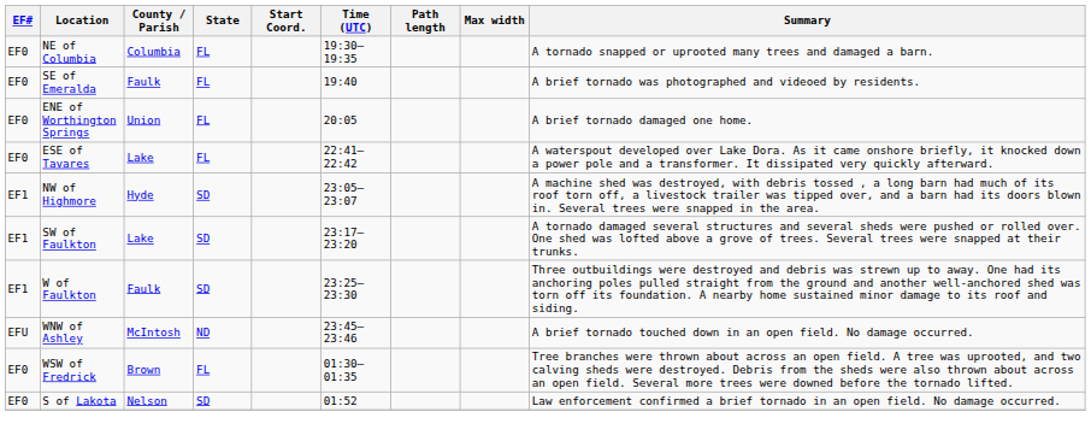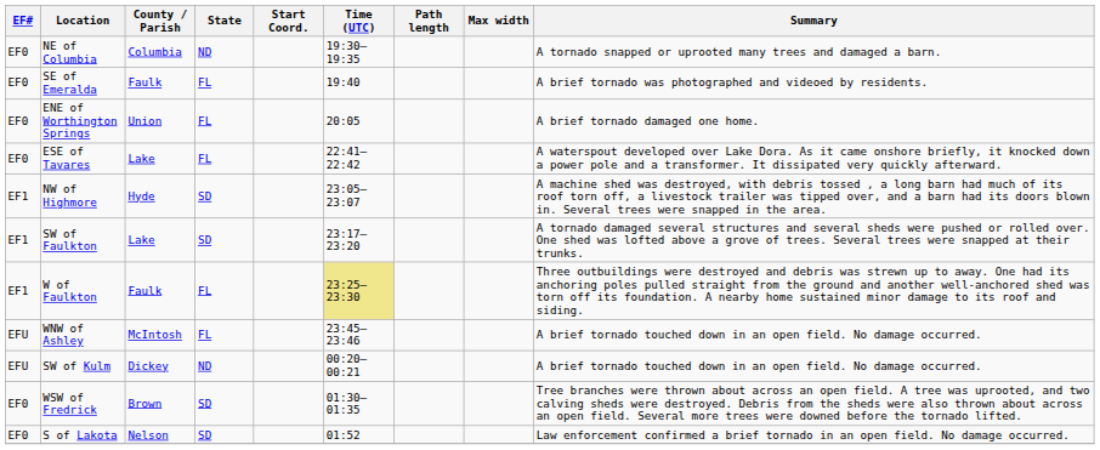 <table class="wikitable sortable" style="width:100%;">
 <tr>
 <th scope="col"  style="width:3%; text-align:center;"><a href='#'>EF#</a></th>
 <th scope="col"  style="width:7%; text-align:center;" class="unsortable">Location</th>
 <th scope="col"  style="width:6%; text-align:center;" class="unsortable">County / Parish</th>
 <th scope="col"  style="width:5%; text-align:center;">State</th>
 <th scope="col"  style="width:6%; text-align:center;">Start Coord.</th>
 <th scope="col"  style="width:6%; text-align:center;">Time (<a href='#'>UTC</a>)</th>
 <th scope="col"  style="width:6%; text-align:center;">Path length</th>
 <th scope="col"  style="width:6%; text-align:center;">Max width</th>
 <th scope="col" class="unsortable" style="width:48%; text-align:center;">Summary</th>
 </tr>
 <tr>
 <td>EF0</td>
 <td>NE of <a href='#'>Columbia</a></td>
 <td><a href='#'>Columbia</a></td>
-<td><a href='#'>FL</a></td>
+<td><a href='#'>ND</a></td>
 <td></td>
 <td>19:30–19:35</td>
 <td></td>
 <td></td>
 <td>A tornado snapped or uprooted many trees and damaged a barn.</td>
 </tr>
 <tr>
 <td>EF0</td>
 <td>SE of <a href='#'>Emeralda</a></td>
 <td><a href='#'>Faulk</a></td>
 <td><a href='#'>FL</a></td>
 <td></td>
 <td>19:40</td>
 <td></td>
 <td></td>
 <td>A brief tornado was photographed and videoed by residents.</td>
 </tr>
 <tr>
 <td>EF0</td>
 <td>ENE of <a href='#'>Worthington Springs</a></td>
 <td><a href='#'>Union</a></td>
 <td><a href='#'>FL</a></td>
 <td></td>
 <td>20:05</td>
 <td></td>
 <td></td>
 <td>A brief tornado damaged one home.</td>
 </tr>
 <tr>
 <td>EF0</td>
 <td>ESE of <a href='#'>Tavares</a></td>
 <td><a href='#'>Lake</a></td>
 <td><a href='#'>FL</a></td>
 <td></td>
 <td>22:41–22:42</td>
 <td></td>
 <td></td>
 <td>A waterspout developed over Lake Dora. As it came onshore briefly, it knocked down a power pole and a transformer. It dissipated very quickly afterward.</td>
 </tr>
 <tr>
 <td>EF1</td>
 <td>NW of <a href='#'>Highmore</a></td>
 <td><a href='#'>Hyde</a></td>
 <td><a href='#'>SD</a></td>
 <td></td>
 <td>23:05–23:07</td>
 <td></td>
 <td></td>
 <td>A machine shed was destroyed, with debris tossed , a long barn had much of its roof torn off, a livestock trailer was tipped over, and a barn had its doors blown in. Several trees were snapped in the area.</td>
 </tr>
 <tr>
 <td>EF1</td>
 <td>SW of <a href='#'>Faulkton</a></td>
 <td><a href='#'>Lake</a></td>
 <td><a href='#'>SD</a></td>
 <td></td>
 <td>23:17–23:20</td>
 <td></td>
 <td></td>
 <td>A tornado damaged several structures and several sheds were pushed or rolled over. One shed was lofted above a grove of trees. Several trees were snapped at their trunks.</td>
 </tr>
 <tr>
 <td>EF1</td>
 <td>W of <a href='#'>Faulkton</a></td>
 <td><a href='#'>Faulk</a></td>
-<td><a href='#'>SD</a></td>
+<td><a href='#'>FL</a></td>
 <td></td>
-<td>23:25–23:30</td>
+<td style="background: khaki;">23:25–23:30</td>
 <td></td>
 <td></td>
 <td>Three outbuildings were destroyed and debris was strewn up to  away. One had its anchoring poles pulled straight from the ground and another well-anchored shed was torn off its foundation. A nearby home sustained minor damage to its roof and siding.</td>
 </tr>
 <tr>
 <td>EFU</td>
 <td>WNW of <a href='#'>Ashley</a></td>
 <td><a href='#'>McIntosh</a></td>
+<td><a href='#'>FL</a></td>
+<td></td>
+<td>23:45–23:46</td>
+<td></td>
+<td></td>
+<td>A brief tornado touched down in an open field. No damage occurred.</td>
+</tr>
+<tr>
+<td>EFU</td>
+<td>SW of <a href='#'>Kulm</a></td>
+<td><a href='#'>Dickey</a></td>
 <td><a href='#'>ND</a></td>
 <td></td>
-<td>23:45–23:46</td>
+<td>00:20–00:21</td>
 <td></td>
 <td></td>
 <td>A brief tornado touched down in an open field. No damage occurred.</td>
 </tr>
 <tr>
 <td>EF0</td>
 <td>WSW of <a href='#'>Fredrick</a></td>
 <td><a href='#'>Brown</a></td>
-<td><a href='#'>FL</a></td>
+<td><a href='#'>SD</a></td>
 <td></td>
 <td>01:30–01:35</td>
 <td></td>
 <td></td>
 <td>Tree branches were thrown about  across an open field. A tree was uprooted, and two calving sheds were destroyed. Debris from the sheds were also thrown about  across an open field. Several more trees were downed before the tornado lifted.</td>
 </tr>
 <tr>
 <td>EF0</td>
 <td>S of <a href='#'>Lakota</a></td>
 <td><a href='#'>Nelson</a></td>
 <td><a href='#'>SD</a></td>
 <td></td>
 <td>01:52</td>
 <td></td>
 <td></td>
 <td>Law enforcement confirmed a brief tornado in an open field. No damage occurred.</td>
 </tr>
 <tr>
 </tr>
 </table>
